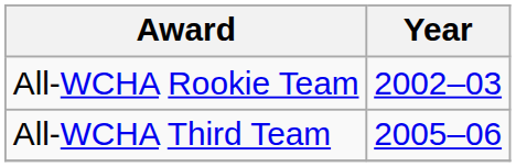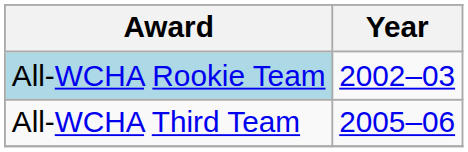 <table class="wikitable">
 <tr>
 <th>Award</th>
 <th>Year</th>
 </tr>
 <tr>
-<td>All-<a href='#'>WCHA</a> <a href='#'>Rookie Team</a></td>
+<td style="background: lightblue;">All-<a href='#'>WCHA</a> <a href='#'>Rookie Team</a></td>
 <td><a href='#'>2002–03</a></td>
 </tr>
 <tr>
 <td>All-<a href='#'>WCHA</a> <a href='#'>Third Team</a></td>
 <td><a href='#'>2005–06</a></td>
 </tr>
 <tr>
 </tr>
 </table>
